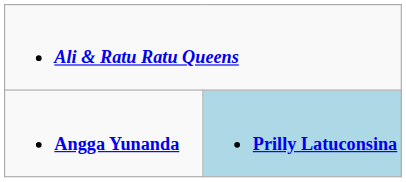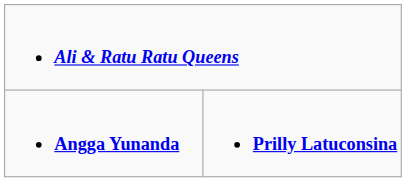 <table class="wikitable" role="presentation">
 <tr>
 <td style="vertical-align:top; width:50%;" colspan="2"><br><ul><li><strong><em><a href='#'>Ali & Ratu Ratu Queens</a></em></strong></li></ul></td>
 </tr>
 <tr>
 <td style="vertical-align:top; width:50%;"><br><ul><li><strong><a href='#'>Angga Yunanda</a></strong></li></ul></td>
-<td style="background: lightblue; vertical-align:top; width:50%;"><br><ul><li><strong><a href='#'>Prilly Latuconsina</a></strong></li></ul></td>
+<td style="vertical-align:top; width:50%;"><br><ul><li><strong><a href='#'>Prilly Latuconsina</a></strong></li></ul></td>
 </tr>
 </table>
